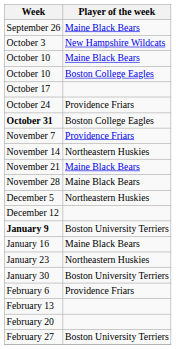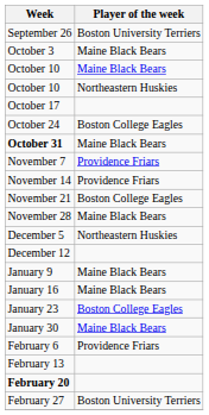 <table class="wikitable" border="1">
 <tr>
 <th>Week</th>
 <th>Player of the week</th>
 </tr>
 <tr>
 <td>September 26</td>
-<td><a href='#'>Maine Black Bears</a></td>
+<td>Boston University Terriers</td>
 </tr>
 <tr>
 <td>October 3</td>
-<td><a href='#'>New Hampshire Wildcats</a></td>
+<td>Maine Black Bears</td>
 </tr>
 <tr>
 <td>October 10</td>
 <td><a href='#'>Maine Black Bears</a></td>
 </tr>
 <tr>
 <td>October 10</td>
-<td><a href='#'>Boston College Eagles</a></td>
+<td>Northeastern Huskies</td>
 </tr>
 <tr>
 <td>October 17</td>
 <td></td>
 </tr>
 <tr>
 <td>October 24</td>
-<td>Providence Friars</td>
+<td>Boston College Eagles</td>
 </tr>
 <tr>
 <td><strong>October 31</strong></td>
-<td>Boston College Eagles</td>
+<td>Maine Black Bears</td>
 </tr>
 <tr>
 <td>November 7</td>
 <td><a href='#'>Providence Friars</a></td>
 </tr>
 <tr>
 <td>November 14</td>
-<td>Northeastern Huskies</td>
+<td>Providence Friars</td>
 </tr>
 <tr>
 <td>November 21</td>
-<td><a href='#'>Maine Black Bears</a></td>
+<td>Boston College Eagles</td>
 </tr>
 <tr>
 <td>November 28</td>
 <td>Maine Black Bears</td>
 </tr>
 <tr>
 <td>December 5</td>
 <td>Northeastern Huskies</td>
 </tr>
 <tr>
 <td>December 12</td>
 <td></td>
 </tr>
 <tr>
-<td><strong>January 9</strong></td>
-<td>Boston University Terriers</td>
+<td>January 9</td>
+<td>Maine Black Bears</td>
 </tr>
 <tr>
 <td>January 16</td>
 <td>Maine Black Bears</td>
 </tr>
 <tr>
 <td>January 23</td>
-<td>Northeastern Huskies</td>
+<td><a href='#'>Boston College Eagles</a></td>
 </tr>
 <tr>
 <td>January 30</td>
-<td>Boston University Terriers</td>
+<td><a href='#'>Maine Black Bears</a></td>
 </tr>
 <tr>
 <td>February 6</td>
 <td>Providence Friars</td>
 </tr>
 <tr>
 <td>February 13</td>
 <td></td>
 </tr>
 <tr>
-<td>February 20</td>
+<td><strong>February 20</strong></td>
 <td></td>
 </tr>
 <tr>
 <td>February 27</td>
 <td>Boston University Terriers</td>
 </tr>
 <tr>
 </tr>
 </table>
